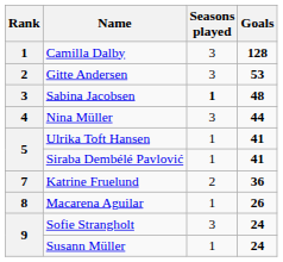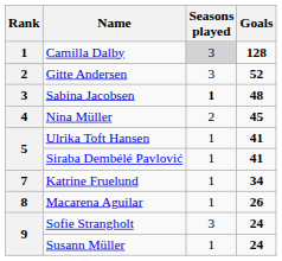 <table class="wikitable" style="text-align: center">
 <tr>
 <th>Rank</th>
 <th class="unsortable">Name</th>
 <th>Seasons<br>played</th>
 <th>Goals</th>
 </tr>
 <tr>
 <th rowspan="1">1</th>
 <td style="text-align: left;"> <a href='#'>Camilla Dalby</a></td>
-<td>3</td>
+<td style="background: lightgrey;">3</td>
 <td><strong>128</strong></td>
 </tr>
 <tr>
 <th rowspan="1">2</th>
 <td style="text-align: left;"> <a href='#'>Gitte Andersen</a></td>
 <td>3</td>
-<td><strong>53</strong></td>
+<td><strong>52</strong></td>
 </tr>
 <tr>
 <th rowspan="1">3</th>
 <td style="text-align: left;"> <a href='#'>Sabina Jacobsen</a></td>
 <td><strong>1</strong></td>
 <td><strong>48</strong></td>
 </tr>
 <tr>
 <th rowspan="1">4</th>
 <td style="text-align: left;"> <a href='#'>Nina Müller</a></td>
-<td>3</td>
-<td><strong>44</strong></td>
+<td>2</td>
+<td><strong>45</strong></td>
 </tr>
 <tr>
 <th rowspan="2">5</th>
 <td style="text-align: left;"> <a href='#'>Ulrika Toft Hansen</a></td>
 <td>1</td>
 <td><strong>41</strong></td>
 </tr>
 <tr>
 <td style="text-align: left;"> <a href='#'>Siraba Dembélé Pavlović</a></td>
 <td>1</td>
 <td><strong>41</strong></td>
 </tr>
 <tr>
 <th rowspan="1">7</th>
 <td style="text-align: left;"> <a href='#'>Katrine Fruelund</a></td>
-<td>2</td>
-<td><strong>36</strong></td>
+<td>1</td>
+<td><strong>34</strong></td>
 </tr>
 <tr>
 <th rowspan="1">8</th>
 <td style="text-align: left;"> <a href='#'>Macarena Aguilar</a></td>
 <td>1</td>
 <td><strong>26</strong></td>
 </tr>
 <tr>
 <th rowspan="2">9</th>
 <td style="text-align: left;"> <a href='#'>Sofie Strangholt</a></td>
 <td>3</td>
 <td><strong>24</strong></td>
 </tr>
 <tr>
 <td style="text-align: left;"> <a href='#'>Susann Müller</a></td>
 <td>1</td>
 <td><strong>24</strong></td>
 </tr>
 </table>
